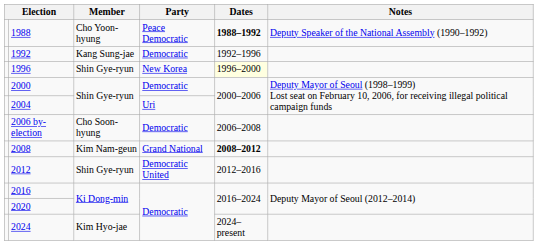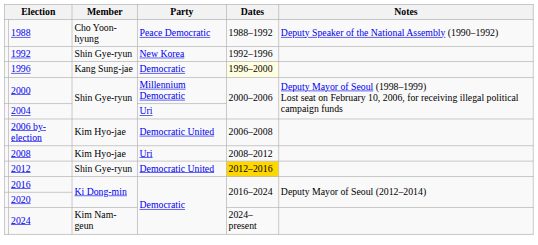 <table class="wikitable">
 <tr>
 <th colspan="2">Election</th>
 <th>Member</th>
 <th>Party</th>
 <th>Dates</th>
 <th>Notes</th>
 </tr>
 <tr>
 <td></td>
 <td><a href='#'>1988</a></td>
 <td>Cho Yoon-hyung</td>
 <td><a href='#'>Peace Democratic</a></td>
-<td><strong>1988–1992</strong></td>
+<td>1988–1992</td>
 <td><a href='#'>Deputy Speaker of the National Assembly</a> (1990–1992)</td>
 </tr>
 <tr>
 <td></td>
 <td><a href='#'>1992</a></td>
-<td>Kang Sung-jae</td>
-<td><a href='#'>Democratic</a></td>
+<td>Shin Gye-ryun</td>
+<td><a href='#'>New Korea</a></td>
 <td>1992–1996</td>
 <td></td>
 </tr>
 <tr>
 <td></td>
 <td><a href='#'>1996</a></td>
-<td>Shin Gye-ryun</td>
-<td><a href='#'>New Korea</a></td>
+<td>Kang Sung-jae</td>
+<td><a href='#'>Democratic</a></td>
 <td style="background: lightyellow;">1996–2000</td>
 <td></td>
 </tr>
 <tr>
 <td></td>
 <td><a href='#'>2000</a></td>
 <td rowspan="2">Shin Gye-ryun</td>
-<td><a href='#'>Democratic</a></td>
+<td><a href='#'>Millennium Democratic</a></td>
 <td rowspan="2">2000–2006</td>
 <td rowspan="2"><a href='#'>Deputy Mayor of Seoul</a> (1998–1999)<br>Lost seat on February 10, 2006, for receiving illegal political campaign funds</td>
 </tr>
 <tr>
 <td></td>
 <td><a href='#'>2004</a></td>
 <td><a href='#'>Uri</a></td>
 </tr>
 <tr>
 <td></td>
 <td><a href='#'>2006 by-election</a></td>
-<td>Cho Soon-hyung</td>
-<td><a href='#'>Democratic</a></td>
+<td>Kim Hyo-jae</td>
+<td><a href='#'>Democratic United</a></td>
 <td>2006–2008</td>
 <td></td>
 </tr>
 <tr>
 <td></td>
 <td><a href='#'>2008</a></td>
-<td>Kim Nam-geun</td>
-<td><a href='#'>Grand National</a></td>
-<td><strong>2008–2012</strong></td>
+<td>Kim Hyo-jae</td>
+<td><a href='#'>Uri</a></td>
+<td>2008–2012</td>
 <td></td>
 </tr>
 <tr>
 <td></td>
 <td><a href='#'>2012</a></td>
 <td>Shin Gye-ryun</td>
 <td><a href='#'>Democratic United</a></td>
-<td>2012–2016</td>
+<td style="background: gold;">2012–2016</td>
 <td></td>
 </tr>
 <tr>
 <td></td>
 <td><a href='#'>2016</a></td>
 <td rowspan="2"><a href='#'>Ki Dong-min</a></td>
 <td rowspan="3"><a href='#'>Democratic</a></td>
 <td rowspan="2">2016–2024</td>
 <td rowspan="2">Deputy Mayor of Seoul (2012–2014)</td>
 </tr>
 <tr>
 <td></td>
 <td><a href='#'>2020</a></td>
 </tr>
 <tr>
 <td></td>
 <td><a href='#'>2024</a></td>
-<td>Kim Hyo-jae</td>
+<td>Kim Nam-geun</td>
 <td>2024–present</td>
 <td></td>
 </tr>
 </table>
